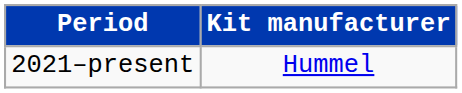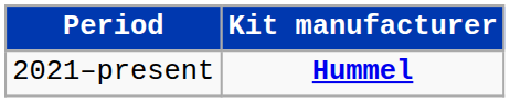 <table class="wikitable" style="font-size: 95%; text-align:center;">
 <tr>
 <th scope=col style="color:white; background:#0038af">Period</th>
 <th scope=col style="color:white; background:#0038af">Kit manufacturer</th>
 </tr>
 <tr>
 <td>2021–present</td>
-<td> <a href='#'>Hummel</a></td>
+<td><strong> <a href='#'>Hummel</a></strong></td>
 </tr>
 </table>
